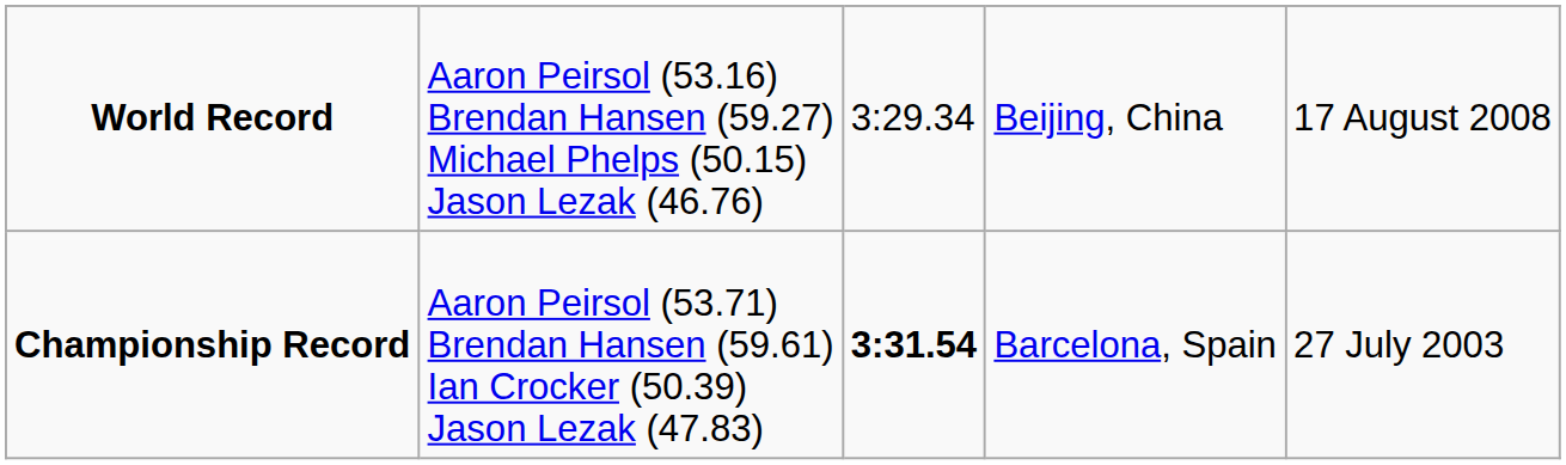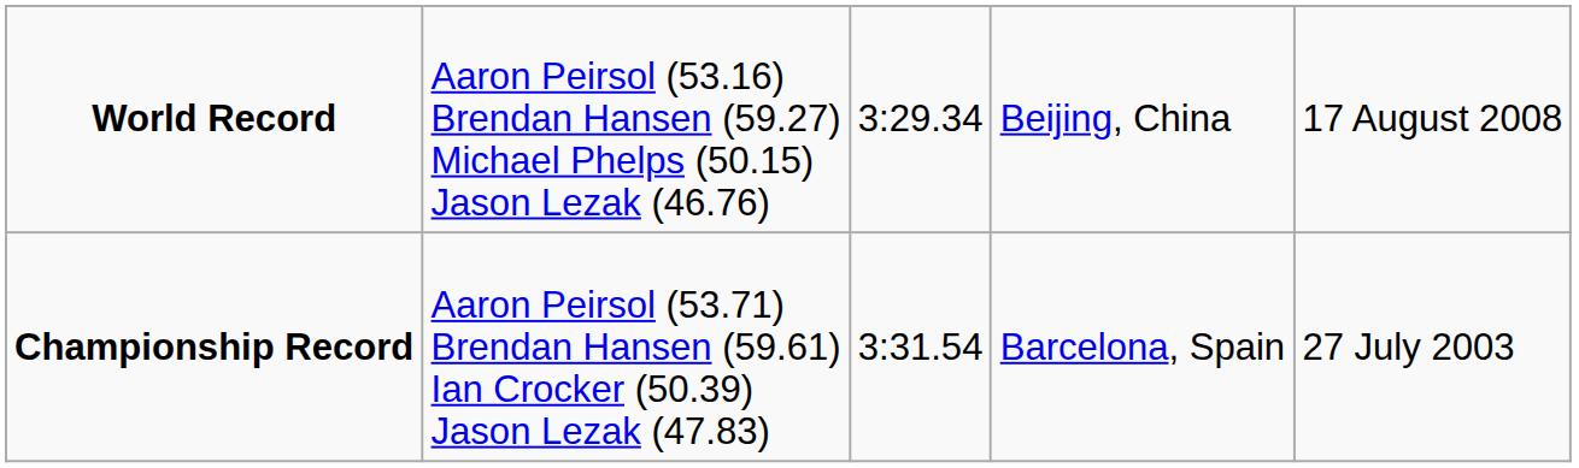 <table class="wikitable" border="1" align="center">
 <tr>
 <td align="center"><strong>World Record</strong></td>
 <td><br><a href='#'>Aaron Peirsol</a> (53.16)<br><a href='#'>Brendan Hansen</a> (59.27)<br><a href='#'>Michael Phelps</a> (50.15)<br><a href='#'>Jason Lezak</a> (46.76)</td>
 <td>3:29.34</td>
 <td><a href='#'>Beijing</a>, China</td>
 <td>17 August 2008</td>
 </tr>
 <tr>
 <td align="center"><strong>Championship Record</strong></td>
 <td><br><a href='#'>Aaron Peirsol</a> (53.71)<br><a href='#'>Brendan Hansen</a> (59.61)<br><a href='#'>Ian Crocker</a> (50.39)<br><a href='#'>Jason Lezak</a> (47.83)</td>
-<td><strong>3:31.54</strong></td>
+<td>3:31.54</td>
 <td><a href='#'>Barcelona</a>, Spain</td>
 <td>27 July 2003</td>
 </tr>
 </table>
